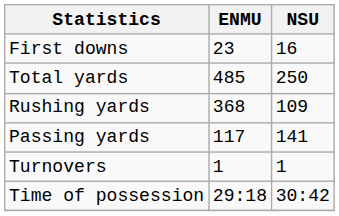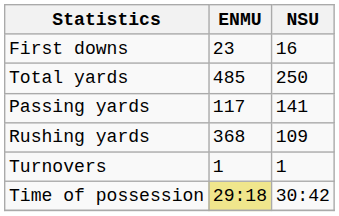 <table class="wikitable">
 <tr>
 <th>Statistics</th>
 <th>ENMU</th>
 <th>NSU</th>
 </tr>
 <tr>
 <td>First downs</td>
 <td>23</td>
 <td>16</td>
 </tr>
 <tr>
 <td>Total yards</td>
 <td>485</td>
 <td>250</td>
 </tr>
 <tr>
+<td>Passing yards</td>
+<td>117</td>
+<td>141</td>
+</tr>
+<tr>
 <td>Rushing yards</td>
 <td>368</td>
 <td>109</td>
-</tr>
-<tr>
-<td>Passing yards</td>
-<td>117</td>
-<td>141</td>
 </tr>
 <tr>
 <td>Turnovers</td>
 <td>1</td>
 <td>1</td>
 </tr>
 <tr>
 <td>Time of possession</td>
-<td>29:18</td>
+<td style="background: khaki;">29:18</td>
 <td>30:42</td>
 </tr>
 <tr>
 </tr>
 </table>
